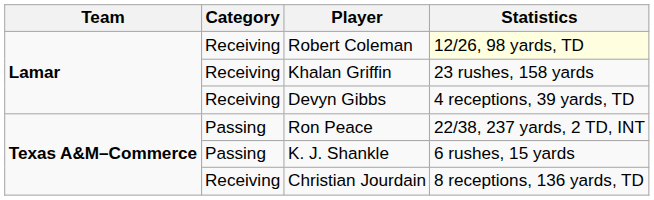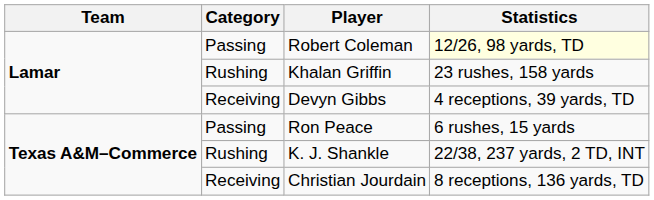 <table class="wikitable" style="float: right;">
 <tr>
 <th>Team</th>
 <th>Category</th>
 <th>Player</th>
 <th>Statistics</th>
 </tr>
 <tr>
 <td rowspan=3><strong>Lamar</strong></td>
-<td>Receiving</td>
+<td>Passing</td>
 <td>Robert Coleman</td>
 <td style="background: lightyellow;">12/26, 98 yards, TD</td>
 </tr>
 <tr>
-<td>Receiving</td>
+<td>Rushing</td>
 <td>Khalan Griffin</td>
 <td>23 rushes, 158 yards</td>
 </tr>
 <tr>
 <td>Receiving</td>
 <td>Devyn Gibbs</td>
 <td>4 receptions, 39 yards, TD</td>
 </tr>
 <tr>
 <td rowspan=3><strong>Texas A&M–Commerce</strong></td>
 <td>Passing</td>
 <td>Ron Peace</td>
-<td>22/38, 237 yards, 2 TD, INT</td>
+<td>6 rushes, 15 yards</td>
 </tr>
 <tr>
-<td>Passing</td>
+<td>Rushing</td>
 <td>K. J. Shankle</td>
-<td>6 rushes, 15 yards</td>
+<td>22/38, 237 yards, 2 TD, INT</td>
 </tr>
 <tr>
 <td>Receiving</td>
 <td>Christian Jourdain</td>
 <td>8 receptions, 136 yards, TD</td>
 </tr>
 </table>
